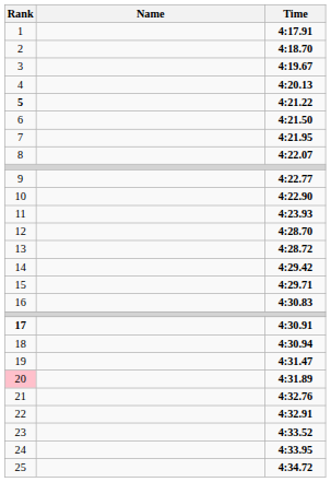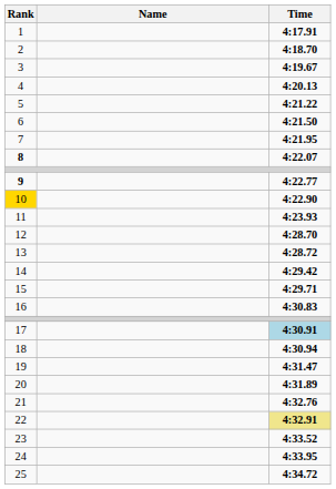 <table class="wikitable">
 <tr>
 <th>Rank</th>
 <th align="center" style="width: 20em">Name</th>
 <th align="center" style="width: 5em">Time</th>
 </tr>
 <tr>
 <td align="center">1</td>
 <td></td>
 <td align="center"><strong>4:17.91</strong></td>
 </tr>
 <tr>
 <td align="center">2</td>
 <td></td>
 <td align="center"><strong>4:18.70</strong></td>
 </tr>
 <tr>
 <td align="center">3</td>
 <td></td>
 <td align="center"><strong>4:19.67</strong></td>
 </tr>
 <tr>
 <td align="center">4</td>
 <td></td>
 <td align="center"><strong>4:20.13</strong></td>
 </tr>
 <tr>
-<td align="center"><strong>5</strong></td>
+<td align="center">5</td>
 <td></td>
 <td align="center"><strong>4:21.22</strong></td>
 </tr>
 <tr>
 <td align="center">6</td>
 <td></td>
 <td align="center"><strong>4:21.50</strong></td>
 </tr>
 <tr>
 <td align="center">7</td>
 <td></td>
 <td align="center"><strong>4:21.95</strong></td>
 </tr>
 <tr>
-<td align="center">8</td>
+<td align="center"><strong>8</strong></td>
 <td></td>
 <td align="center"><strong>4:22.07</strong></td>
 </tr>
 <tr>
 <td colspan=3 bgcolor=lightgray></td>
 </tr>
 <tr>
-<td align="center">9</td>
+<td align="center"><strong>9</strong></td>
 <td></td>
 <td align="center"><strong>4:22.77</strong></td>
 </tr>
 <tr>
-<td align="center">10</td>
+<td align="center" style="background: gold;">10</td>
 <td></td>
 <td align="center"><strong>4:22.90</strong></td>
 </tr>
 <tr>
 <td align="center">11</td>
 <td></td>
 <td align="center"><strong>4:23.93</strong></td>
 </tr>
 <tr>
 <td align="center">12</td>
 <td></td>
 <td align="center"><strong>4:28.70</strong></td>
 </tr>
 <tr>
 <td align="center">13</td>
 <td></td>
 <td align="center"><strong>4:28.72</strong></td>
 </tr>
 <tr>
 <td align="center">14</td>
 <td></td>
 <td align="center"><strong>4:29.42</strong></td>
 </tr>
 <tr>
 <td align="center">15</td>
 <td></td>
 <td align="center"><strong>4:29.71</strong></td>
 </tr>
 <tr>
 <td align="center">16</td>
 <td></td>
 <td align="center"><strong>4:30.83</strong></td>
 </tr>
 <tr>
 <td colspan=3 bgcolor=lightgray></td>
 </tr>
 <tr>
-<td align="center"><strong>17</strong></td>
+<td align="center">17</td>
 <td></td>
-<td align="center"><strong>4:30.91</strong></td>
+<td align="center" style="background: lightblue;"><strong>4:30.91</strong></td>
 </tr>
 <tr>
 <td align="center">18</td>
 <td></td>
 <td align="center"><strong>4:30.94</strong></td>
 </tr>
 <tr>
 <td align="center">19</td>
 <td></td>
 <td align="center"><strong>4:31.47</strong></td>
 </tr>
 <tr>
-<td align="center" style="background: pink;">20</td>
+<td align="center">20</td>
 <td></td>
 <td align="center"><strong>4:31.89</strong></td>
 </tr>
 <tr>
 <td align="center">21</td>
 <td></td>
 <td align="center"><strong>4:32.76</strong></td>
 </tr>
 <tr>
 <td align="center">22</td>
 <td></td>
-<td align="center"><strong>4:32.91</strong></td>
+<td align="center" style="background: khaki;"><strong>4:32.91</strong></td>
 </tr>
 <tr>
 <td align="center">23</td>
 <td></td>
 <td align="center"><strong>4:33.52</strong></td>
 </tr>
 <tr>
 <td align="center">24</td>
 <td></td>
 <td align="center"><strong>4:33.95</strong></td>
 </tr>
 <tr>
 <td align="center">25</td>
 <td></td>
 <td align="center"><strong>4:34.72</strong></td>
 </tr>
 </table>
